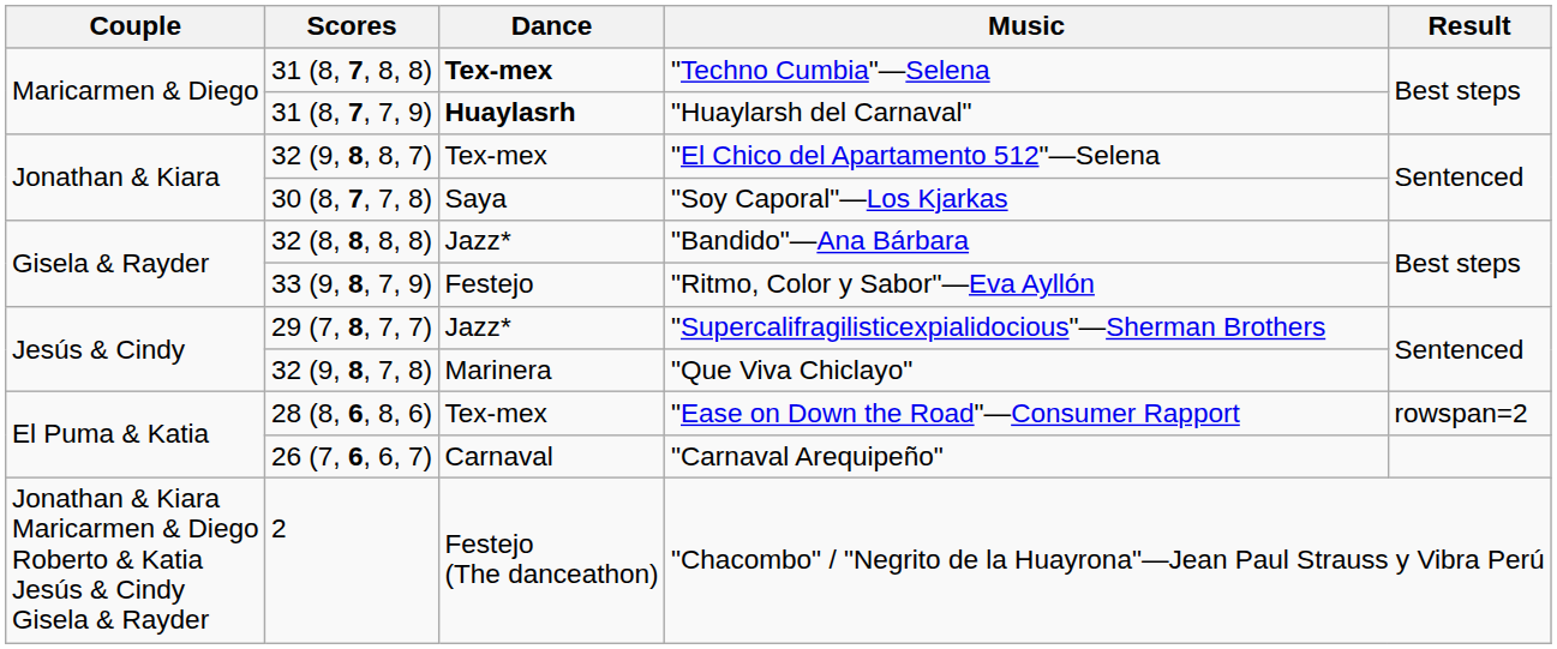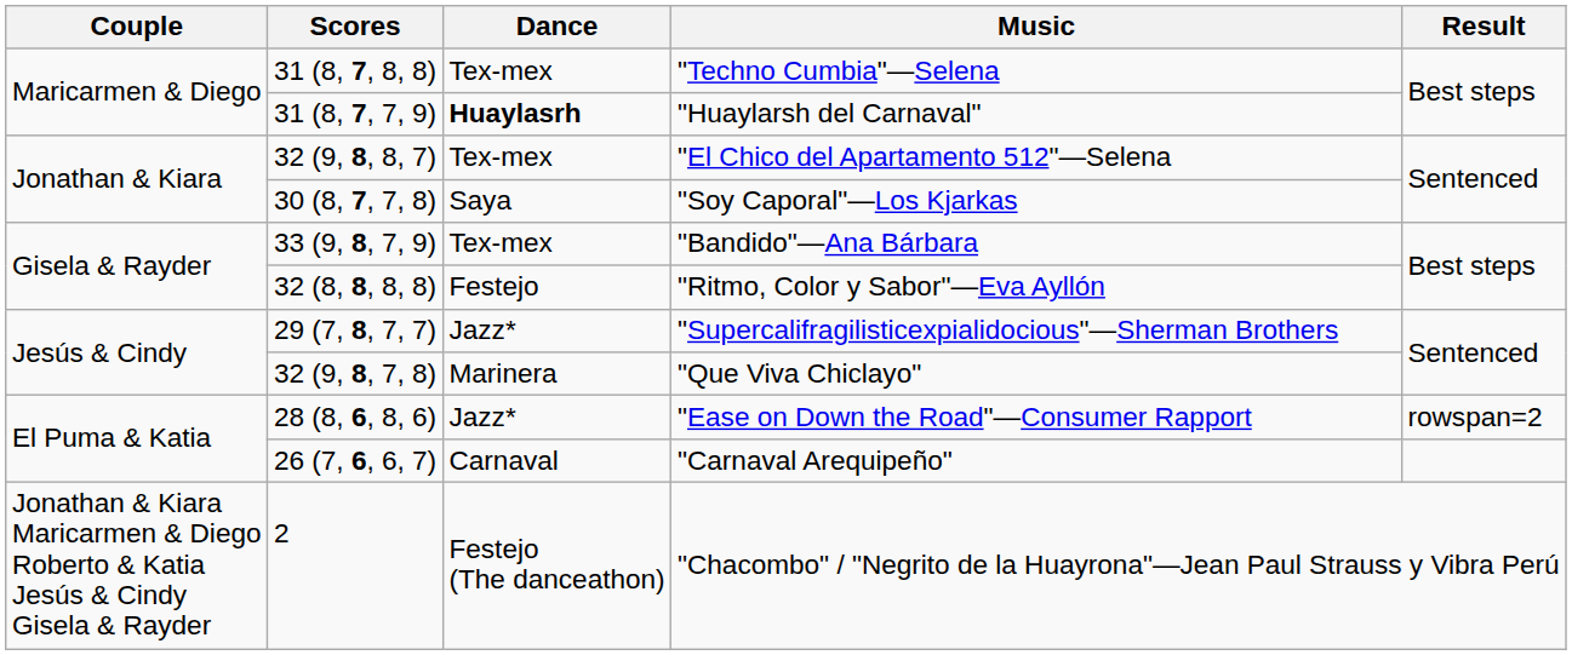 <table class="wikitable sortable" style="width:95%; white-space:nowrap">
 <tr>
 <th style="width:15%;">Couple</th>
 <th style="width:14%;">Scores</th>
 <th style="width:14%;">Dance</th>
 <th style="width:40%;">Music</th>
 <th style="width:12%;">Result</th>
 </tr>
 <tr>
 <td rowspan=2>Maricarmen & Diego</td>
 <td>31 (8, <strong>7</strong>, 8, 8)</td>
-<td><strong>Tex-mex</strong></td>
+<td>Tex-mex</td>
 <td>"<a href='#'>Techno Cumbia</a>"—<a href='#'>Selena</a></td>
 <td rowspan=2>Best steps</td>
 </tr>
 <tr>
 <td>31 (8, <strong>7</strong>, 7, 9)</td>
 <td><strong>Huaylasrh</strong></td>
 <td>"Huaylarsh del Carnaval"</td>
 </tr>
 <tr>
 <td rowspan=2>Jonathan & Kiara</td>
 <td>32 (9, <strong>8</strong>, 8, 7)</td>
 <td>Tex-mex</td>
 <td>"<a href='#'>El Chico del Apartamento 512</a>"—Selena</td>
 <td rowspan=2>Sentenced</td>
 </tr>
 <tr>
 <td>30 (8, <strong>7</strong>, 7, 8)</td>
 <td>Saya</td>
 <td>"Soy Caporal"—<a href='#'>Los Kjarkas</a></td>
 </tr>
 <tr>
 <td rowspan=2>Gisela & Rayder</td>
-<td>32 (8, <strong>8</strong>, 8, 8)</td>
-<td>Jazz*</td>
+<td>33 (9, <strong>8</strong>, 7, 9)</td>
+<td>Tex-mex</td>
 <td>"Bandido"—<a href='#'>Ana Bárbara</a></td>
 <td rowspan=2>Best steps</td>
 </tr>
 <tr>
-<td>33 (9, <strong>8</strong>, 7, 9)</td>
+<td>32 (8, <strong>8</strong>, 8, 8)</td>
 <td>Festejo</td>
 <td>"Ritmo, Color y Sabor"—<a href='#'>Eva Ayllón</a></td>
 </tr>
 <tr>
 <td rowspan=2>Jesús & Cindy</td>
 <td>29 (7, <strong>8</strong>, 7, 7)</td>
 <td>Jazz*</td>
 <td>"<a href='#'>Supercalifragilisticexpialidocious</a>"—<a href='#'>Sherman Brothers</a></td>
 <td rowspan=2>Sentenced</td>
 </tr>
 <tr>
 <td>32 (9, <strong>8</strong>, 7, 8)</td>
 <td>Marinera</td>
 <td>"Que Viva Chiclayo"</td>
 </tr>
 <tr>
 <td rowspan=2>El Puma & Katia</td>
 <td>28 (8, <strong>6</strong>, 8, 6)</td>
-<td>Tex-mex</td>
+<td>Jazz*</td>
 <td>"<a href='#'>Ease on Down the Road</a>"—<a href='#'>Consumer Rapport</a></td>
 <td>rowspan=2 </td>
 </tr>
 <tr>
 <td>26 (7, <strong>6</strong>, 6, 7)</td>
 <td>Carnaval</td>
 <td>"Carnaval Arequipeño"</td>
 </tr>
 <tr>
 <td>Jonathan & Kiara<br>Maricarmen & Diego<br>Roberto & Katia<br>Jesús & Cindy<br>Gisela & Rayder</td>
 <td valign="top"><br>2</td>
 <td>Festejo<br>(The danceathon)</td>
 <td colspan=2>"Chacombo" / "Negrito de la Huayrona"—Jean Paul Strauss y Vibra Perú</td>
 </tr>
 </table>
